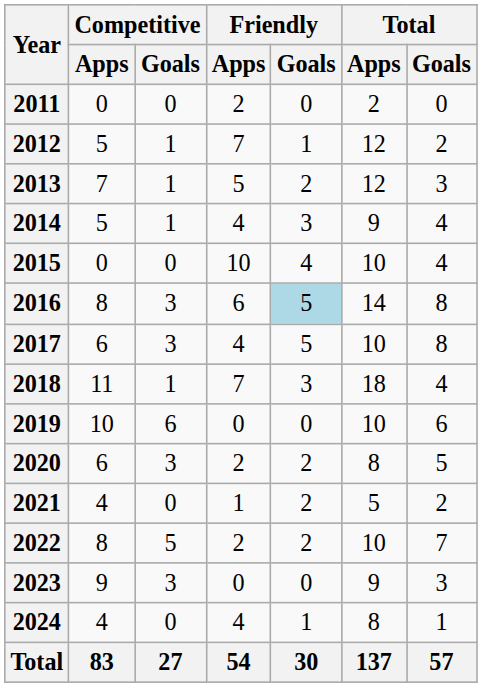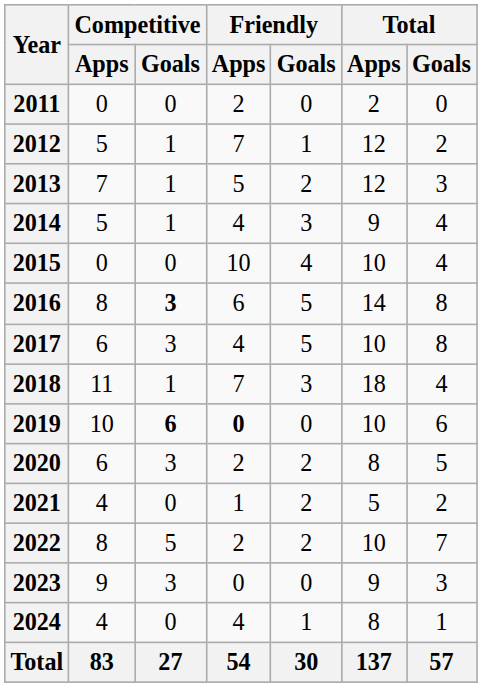 <table class="wikitable" style="text-align:center; font-size:95%">
 <tr>
 <th scope="col" rowspan="2">Year</th>
 <th scope="colgroup" colspan="2">Competitive</th>
 <th scope="colgroup" colspan="2">Friendly</th>
 <th scope="colgroup" colspan="2">Total</th>
 </tr>
 <tr>
 <th scope="col">Apps</th>
 <th scope="col">Goals</th>
 <th scope="col">Apps</th>
 <th scope="col">Goals</th>
 <th scope="col">Apps</th>
 <th scope="col">Goals</th>
 </tr>
 <tr>
 <th scope="row">2011</th>
 <td>0</td>
 <td>0</td>
 <td>2</td>
 <td>0</td>
 <td>2</td>
 <td>0</td>
 </tr>
 <tr>
 <th scope="row">2012</th>
 <td>5</td>
 <td>1</td>
 <td>7</td>
 <td>1</td>
 <td>12</td>
 <td>2</td>
 </tr>
 <tr>
 <th scope="row">2013</th>
 <td>7</td>
 <td>1</td>
 <td>5</td>
 <td>2</td>
 <td>12</td>
 <td>3</td>
 </tr>
 <tr>
 <th scope="row">2014</th>
 <td>5</td>
 <td>1</td>
 <td>4</td>
 <td>3</td>
 <td>9</td>
 <td>4</td>
 </tr>
 <tr>
 <th scope="row">2015</th>
 <td>0</td>
 <td>0</td>
 <td>10</td>
 <td>4</td>
 <td>10</td>
 <td>4</td>
 </tr>
 <tr>
 <th scope="row">2016</th>
 <td>8</td>
-<td>3</td>
+<td><strong>3</strong></td>
 <td>6</td>
-<td style="background: lightblue;">5</td>
+<td>5</td>
 <td>14</td>
 <td>8</td>
 </tr>
 <tr>
 <th scope="row">2017</th>
 <td>6</td>
 <td>3</td>
 <td>4</td>
 <td>5</td>
 <td>10</td>
 <td>8</td>
 </tr>
 <tr>
 <th scope="row">2018</th>
 <td>11</td>
 <td>1</td>
 <td>7</td>
 <td>3</td>
 <td>18</td>
 <td>4</td>
 </tr>
 <tr>
 <th scope="row">2019</th>
 <td>10</td>
-<td>6</td>
-<td>0</td>
+<td><strong>6</strong></td>
+<td><strong>0</strong></td>
 <td>0</td>
 <td>10</td>
 <td>6</td>
 </tr>
 <tr>
 <th scope="row">2020</th>
 <td>6</td>
 <td>3</td>
 <td>2</td>
 <td>2</td>
 <td>8</td>
 <td>5</td>
 </tr>
 <tr>
 <th scope="row">2021</th>
 <td>4</td>
 <td>0</td>
 <td>1</td>
 <td>2</td>
 <td>5</td>
 <td>2</td>
 </tr>
 <tr>
 <th scope="row">2022</th>
 <td>8</td>
 <td>5</td>
 <td>2</td>
 <td>2</td>
 <td>10</td>
 <td>7</td>
 </tr>
 <tr>
 <th scope="row">2023</th>
 <td>9</td>
 <td>3</td>
 <td>0</td>
 <td>0</td>
 <td>9</td>
 <td>3</td>
 </tr>
 <tr>
 <th scope="row">2024</th>
 <td>4</td>
 <td>0</td>
 <td>4</td>
 <td>1</td>
 <td>8</td>
 <td>1</td>
 </tr>
 <tr>
 <th>Total</th>
 <th>83</th>
 <th>27</th>
 <th>54</th>
 <th>30</th>
 <th>137</th>
 <th>57</th>
 </tr>
 </table>
